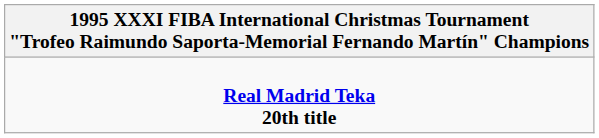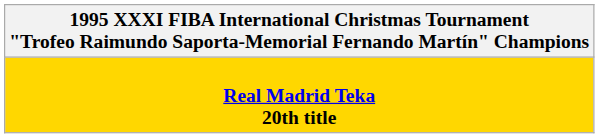 <table class=wikitable style="text-align:center; margin:auto">
 <tr>
 <th>1995 XXXI FIBA International Christmas Tournament<br>"Trofeo Raimundo Saporta-Memorial Fernando Martín" Champions</th>
 </tr>
 <tr>
-<td><br><strong><a href='#'>Real Madrid Teka</a></strong><br><strong>20th title</strong></td>
+<td style="background: gold;"><br><strong><a href='#'>Real Madrid Teka</a></strong><br><strong>20th title</strong></td>
 </tr>
 </table>
